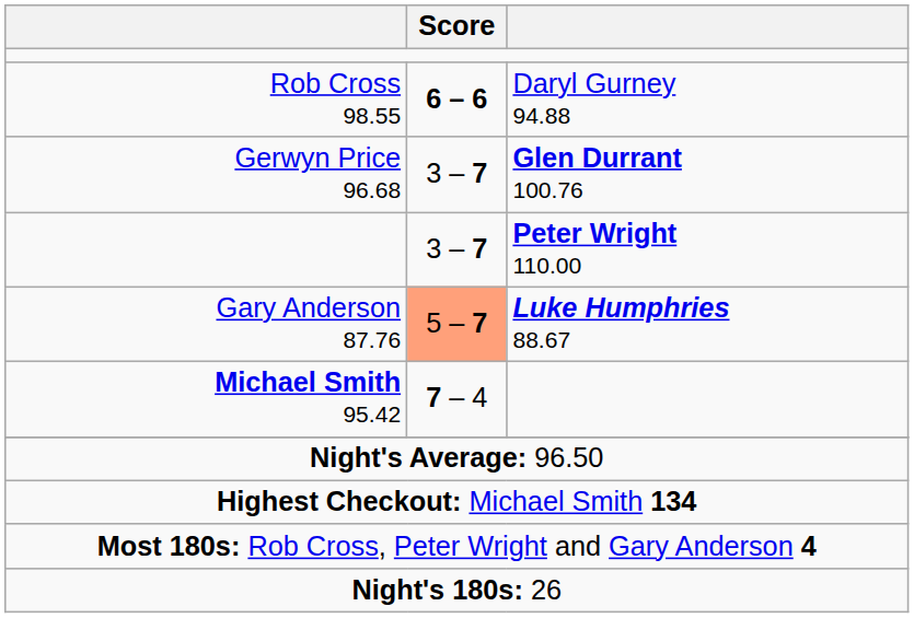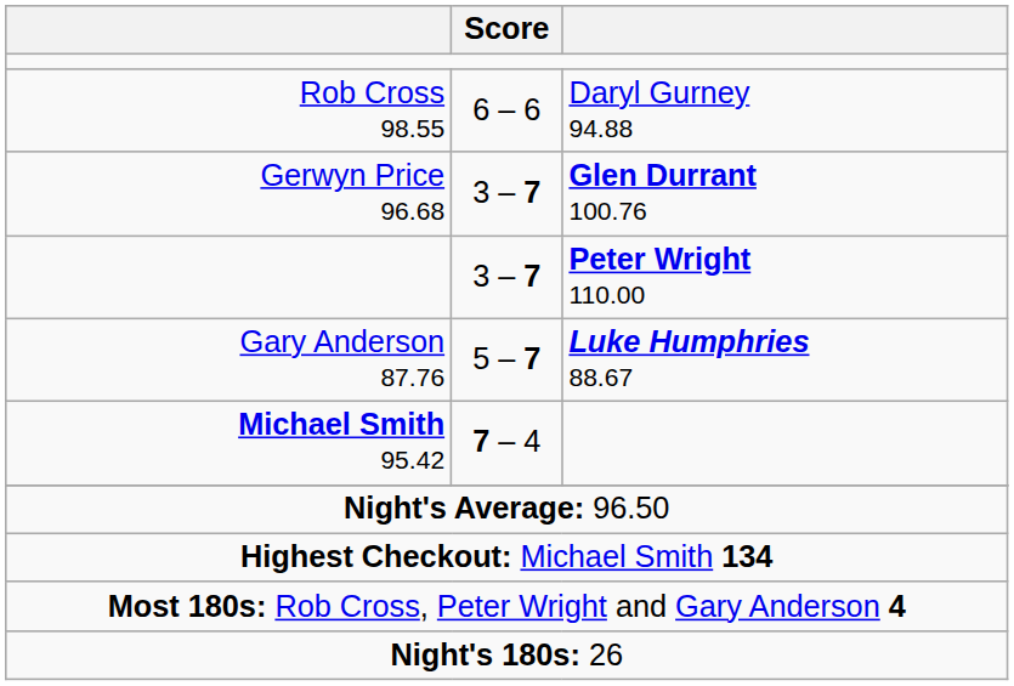 <table class=wikitable style="text-align:center">
 <tr>
 <th width=225></th>
 <th width=50>Score</th>
 <th width=225></th>
 </tr>
 <tr align=center>
 <td colspan="3"></td>
 </tr>
 <tr align=left>
 <td align=right><a href='#'>Rob Cross</a>  <br> <small><span>98.55</span></small></td>
-<td align=center><strong>6 – 6</strong></td>
+<td align=center>6 – 6</td>
 <td> <a href='#'>Daryl Gurney</a> <br> <small><span>94.88</span></small></td>
 </tr>
 <tr align=left>
 <td align=right><a href='#'>Gerwyn Price</a>  <br> <small><span>96.68</span></small></td>
 <td align=center>3 – <strong>7</strong></td>
 <td> <strong><a href='#'>Glen Durrant</a></strong> <br> <small><span>100.76</span></small></td>
 </tr>
 <tr align=left>
 <td align=right></td>
 <td align=center>3 – <strong>7</strong></td>
 <td> <strong><a href='#'>Peter Wright</a></strong> <br> <small><span>110.00</span></small></td>
 </tr>
 <tr align=left>
 <td align=right><a href='#'>Gary Anderson</a>  <br> <small><span>87.76</span></small></td>
-<td align=center style="background: lightsalmon;">5 – <strong>7</strong></td>
+<td align=center>5 – <strong>7</strong></td>
 <td> <strong><em><a href='#'>Luke Humphries</a></em></strong> <br> <small><span>88.67</span></small></td>
 </tr>
 <tr align=left>
 <td align=right><strong><a href='#'>Michael Smith</a></strong>  <br> <small><span>95.42</span></small></td>
 <td align=center><strong>7</strong> – 4</td>
 <td></td>
 </tr>
 <tr align=center>
 </tr>
 <tr align=center>
 <td colspan="3"><strong>Night's Average:</strong> 96.50</td>
 </tr>
 <tr align=center>
 <td colspan="3"><strong>Highest Checkout:</strong>  <a href='#'>Michael Smith</a> <strong>134</strong></td>
 </tr>
 <tr align=center>
 <td colspan="3"><strong>Most 180s:</strong>   <a href='#'>Rob Cross</a>,  <a href='#'>Peter Wright</a> and  <a href='#'>Gary Anderson</a> <strong>4</strong></td>
 </tr>
 <tr align=center>
 <td colspan="3"><strong>Night's 180s:</strong> 26</td>
 </tr>
 </table>
